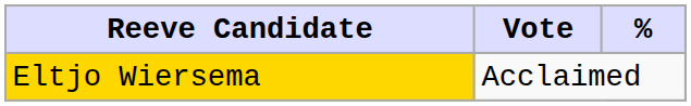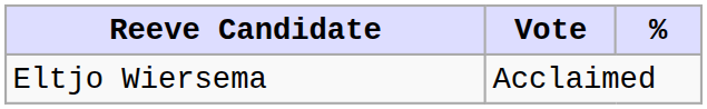 <table class="wikitable">
 <tr>
 <th style="background:#ddf; width:200px;">Reeve Candidate</th>
 <th style="background:#ddf; width:50px;">Vote</th>
 <th style="background:#ddf; width:30px;">%</th>
 </tr>
 <tr>
-<td style="background: gold;">Eltjo Wiersema</td>
+<td>Eltjo Wiersema</td>
 <td colspan="2">Acclaimed</td>
 </tr>
 </table>
